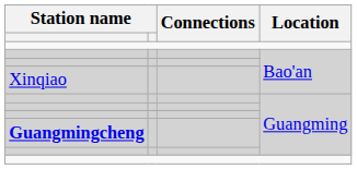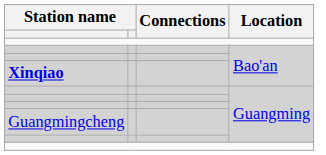 <table class="wikitable">
 <tr>
 <th colspan="2">Station name</th>
 <th rowspan="2">Connections</th>
 <th rowspan="2">Location</th>
 </tr>
 <tr>
 <th></th>
 <th></th>
 </tr>
 <tr style="background:#">
 <td colspan = "7"></td>
 </tr>
 <tr bgcolor="lightgrey">
 <td></td>
 <td></td>
 <td></td>
 <td rowspan=3><a href='#'>Bao'an</a></td>
 </tr>
 <tr bgcolor="lightgrey">
 <td></td>
 <td></td>
 <td></td>
 </tr>
 <tr bgcolor="lightgrey">
-<td><a href='#'>Xinqiao</a></td>
+<td><strong><a href='#'>Xinqiao</a></strong></td>
 <td></td>
 <td></td>
 </tr>
 <tr bgcolor="lightgrey">
 <td></td>
 <td></td>
 <td></td>
 <td rowspan=5><a href='#'>Guangming</a></td>
 </tr>
 <tr bgcolor="lightgrey">
 <td></td>
 <td></td>
 <td></td>
 </tr>
 <tr bgcolor="lightgrey">
 <td></td>
 <td></td>
 <td></td>
 </tr>
 <tr bgcolor="lightgrey">
-<td><strong><a href='#'>Guangmingcheng</a></strong></td>
+<td><a href='#'>Guangmingcheng</a></td>
 <td></td>
 <td> </td>
 </tr>
 <tr bgcolor="lightgrey">
 <td></td>
 <td></td>
 <td></td>
 </tr>
 <tr style="background:#">
 <td colspan = "7"></td>
 </tr>
 </table>
